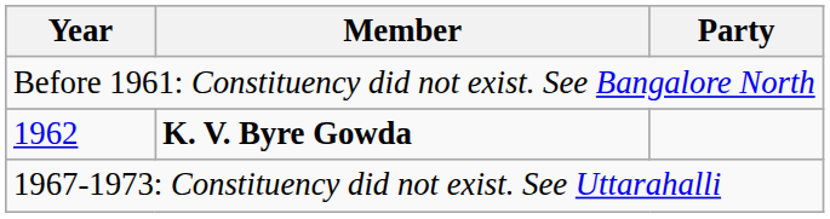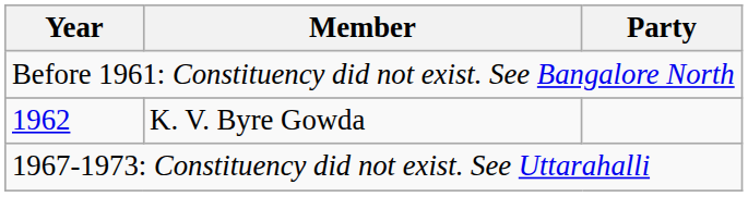 <table class="wikitable sortable">
 <tr>
 <th>Year</th>
 <th>Member</th>
 <th colspan=2>Party</th>
 </tr>
 <tr>
 <td colspan=4>Before 1961: <em>Constituency did not exist. See <a href='#'>Bangalore North</a></em></td>
 </tr>
 <tr>
 <td><a href='#'>1962</a></td>
-<td><strong>K. V. Byre Gowda</strong></td>
+<td>K. V. Byre Gowda</td>
 <td></td>
 </tr>
 <tr>
 <td colspan=4>1967-1973: <em>Constituency did not exist. See <a href='#'>Uttarahalli</a></em></td>
 </tr>
 </table>
